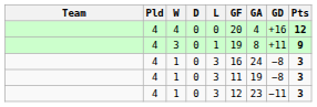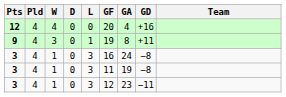 <table class="wikitable" style="text-align: center;">
 <tr>
-<th width="175">Team</th>
+<th width="20">Pts</th>
 <th width="20">Pld</th>
 <th width="20">W</th>
 <th width="20">D</th>
 <th width="20">L</th>
 <th width="20">GF</th>
 <th width="20">GA</th>
 <th width="20">GD</th>
-<th width="20">Pts</th>
+<th width="175">Team</th>
 </tr>
 <tr bgcolor="#ccffcc">
-<td align=left></td>
+<td><strong>12</strong></td>
 <td>4</td>
 <td>4</td>
 <td>0</td>
 <td>0</td>
 <td>20</td>
 <td>4</td>
 <td>+16</td>
-<td><strong>12</strong></td>
+<td align=left></td>
 </tr>
 <tr bgcolor="#ccffcc">
-<td align=left></td>
+<td><strong>9</strong></td>
 <td>4</td>
 <td>3</td>
 <td>0</td>
 <td>1</td>
 <td>19</td>
 <td>8</td>
 <td>+11</td>
-<td><strong>9</strong></td>
+<td align=left></td>
 </tr>
 <tr>
-<td align=left></td>
+<td><strong>3</strong></td>
 <td>4</td>
 <td>1</td>
 <td>0</td>
 <td>3</td>
 <td>16</td>
 <td>24</td>
 <td>−8</td>
-<td><strong>3</strong></td>
+<td align=left></td>
 </tr>
 <tr>
-<td align=left></td>
+<td><strong>3</strong></td>
 <td>4</td>
 <td>1</td>
 <td>0</td>
 <td>3</td>
 <td>11</td>
 <td>19</td>
 <td>−8</td>
-<td><strong>3</strong></td>
+<td align=left></td>
 </tr>
 <tr>
-<td align=left></td>
+<td><strong>3</strong></td>
 <td>4</td>
 <td>1</td>
 <td>0</td>
 <td>3</td>
 <td>12</td>
 <td>23</td>
 <td>−11</td>
-<td><strong>3</strong></td>
+<td align=left></td>
 </tr>
 </table>
